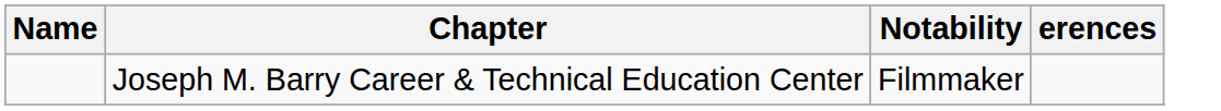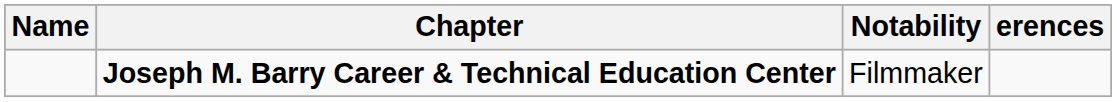 <table class="wikitable sortable">
 <tr>
 <th>Name</th>
 <th>Chapter</th>
 <th class="unsortable">Notability</th>
 <th class="unsortable">erences</th>
 </tr>
 <tr>
 <td></td>
-<td>Joseph M. Barry Career & Technical Education Center</td>
+<td><strong>Joseph M. Barry Career & Technical Education Center</strong></td>
 <td>Filmmaker</td>
 <td></td>
 </tr>
 </table>
